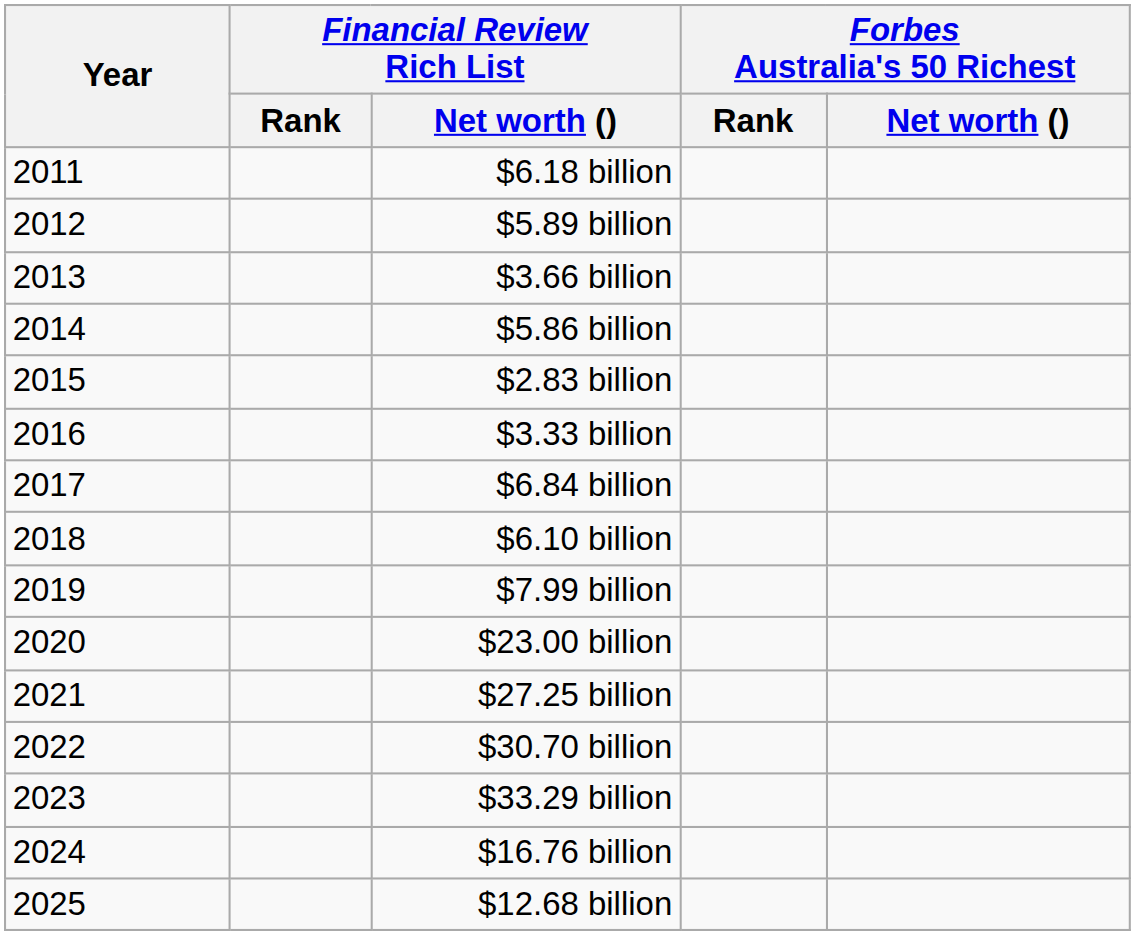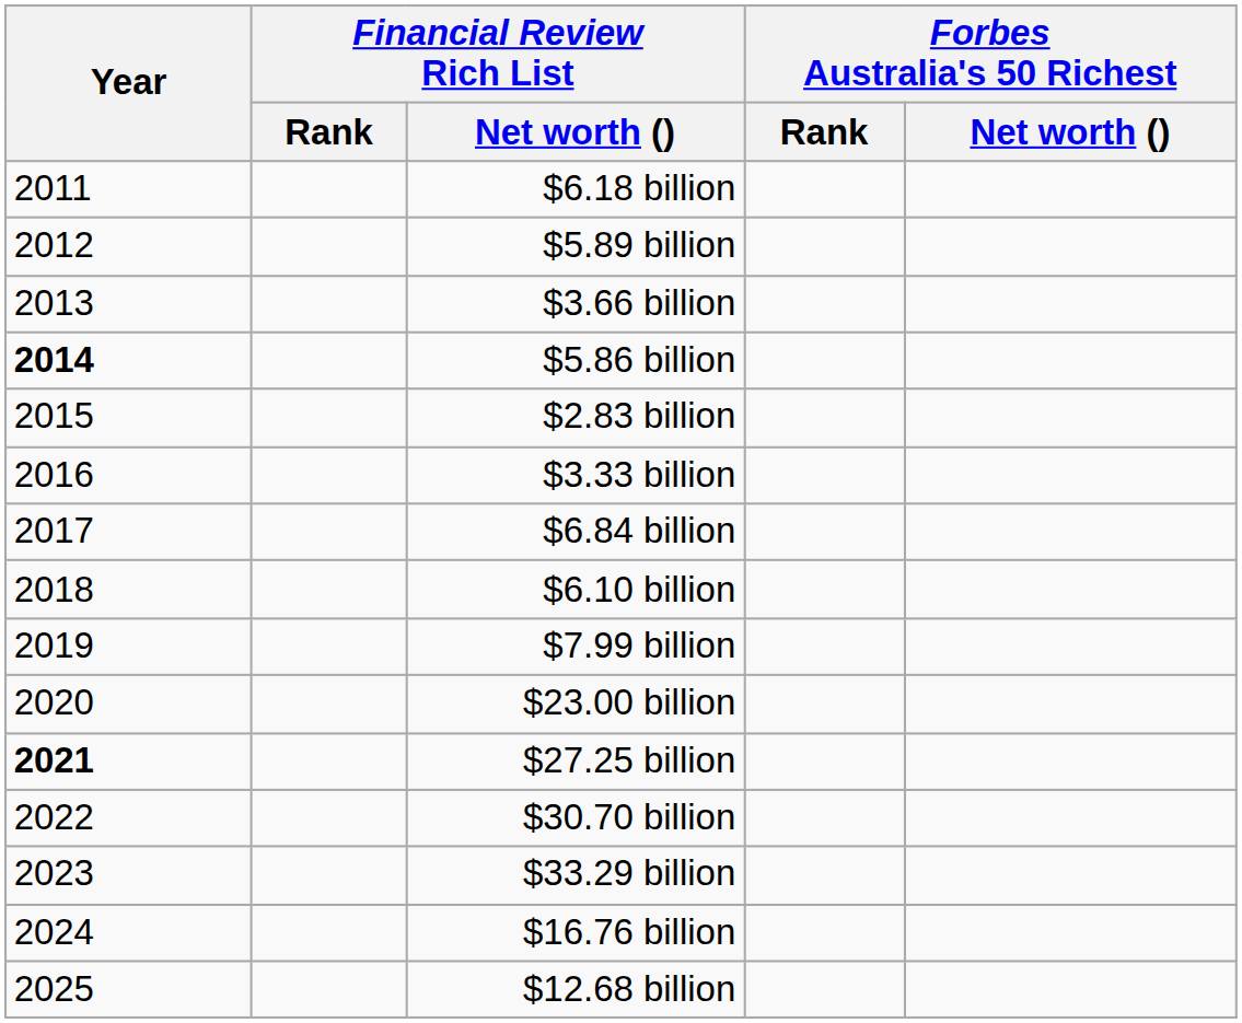 <table class="wikitable">
 <tr>
 <th rowspan=2>Year</th>
 <th colspan="2" style="width:40%;"><em><a href='#'>Financial Review</a></em><br><a href='#'>Rich List</a></th>
 <th colspan="2" style="width:40%;"><em><a href='#'>Forbes</a></em><br><a href='#'>Australia's 50 Richest</a></th>
 </tr>
 <tr>
 <th>Rank</th>
 <th><a href='#'>Net worth</a> ()</th>
 <th>Rank</th>
 <th><a href='#'>Net worth</a> ()</th>
 </tr>
 <tr>
 <td>2011</td>
 <td style="text-align:center;"> </td>
 <td style="text-align:right;">$6.18 billion </td>
 <td style="text-align:center;"></td>
 <td style="text-align:right;"></td>
 </tr>
 <tr>
 <td>2012</td>
 <td style="text-align:center;"> </td>
 <td style="text-align:right;">$5.89 billion </td>
 <td style="text-align:center;"></td>
 <td style="text-align:right;"></td>
 </tr>
 <tr>
 <td>2013</td>
 <td style="text-align:center;"> </td>
 <td style="text-align:right;">$3.66 billion </td>
 <td style="text-align:center;"></td>
 <td style="text-align:right;"></td>
 </tr>
 <tr>
-<td>2014</td>
+<td><strong>2014</strong></td>
 <td style="text-align:center;"> </td>
 <td style="text-align:right;">$5.86 billion </td>
 <td style="text-align:center;"></td>
 <td style="text-align:right;"></td>
 </tr>
 <tr>
 <td>2015</td>
 <td style="text-align:center;"> </td>
 <td style="text-align:right;">$2.83 billion </td>
 <td style="text-align:center;"></td>
 <td style="text-align:right;"></td>
 </tr>
 <tr>
 <td>2016</td>
 <td style="text-align:center;"> </td>
 <td style="text-align:right;">$3.33 billion </td>
 <td style="text-align:center;"></td>
 <td style="text-align:right;"></td>
 </tr>
 <tr>
 <td>2017</td>
 <td style="text-align:center;"> </td>
 <td style="text-align:right;">$6.84 billion </td>
 <td style="text-align:center;"></td>
 <td style="text-align:right;"></td>
 </tr>
 <tr>
 <td>2018</td>
 <td style="text-align:center;"> </td>
 <td style="text-align:right;">$6.10 billion </td>
 <td align="center"></td>
 <td align="right"></td>
 </tr>
 <tr>
 <td>2019</td>
 <td align="center"></td>
 <td align="right">$7.99 billion </td>
 <td align="center"></td>
 <td align="right"></td>
 </tr>
 <tr>
 <td>2020</td>
 <td align="center"></td>
 <td align="right">$23.00 billion </td>
 <td align="center"></td>
 <td align="right"></td>
 </tr>
 <tr>
-<td>2021</td>
+<td><strong>2021</strong></td>
 <td align="center"></td>
 <td align="right">$27.25 billion </td>
 <td align="center"></td>
 <td align="right"></td>
 </tr>
 <tr>
 <td>2022</td>
 <td align="center"></td>
 <td align="right">$30.70 billion </td>
 <td align="center"></td>
 <td align="right"></td>
 </tr>
 <tr>
 <td>2023</td>
 <td align="center"></td>
 <td align="right">$33.29 billion </td>
 <td align="center"></td>
 <td align="right"></td>
 </tr>
 <tr>
 <td>2024</td>
 <td align="center"></td>
 <td align="right">$16.76 billion </td>
 <td align="center"></td>
 <td align="right"></td>
 </tr>
 <tr>
 <td>2025</td>
 <td align="center"></td>
 <td align="right">$12.68 billion </td>
 <td align="center"></td>
 <td align="right"></td>
 </tr>
 </table>
